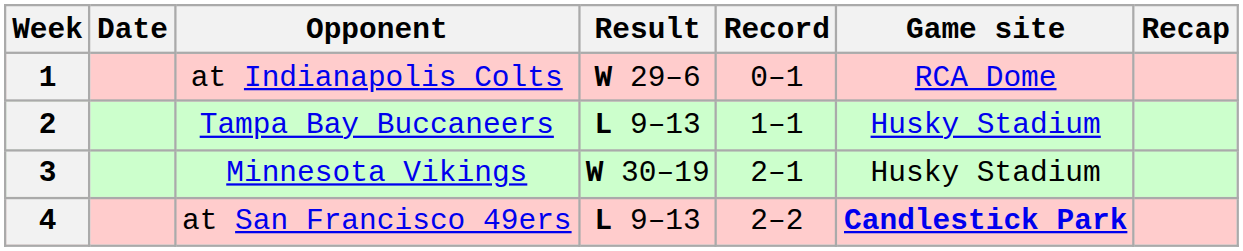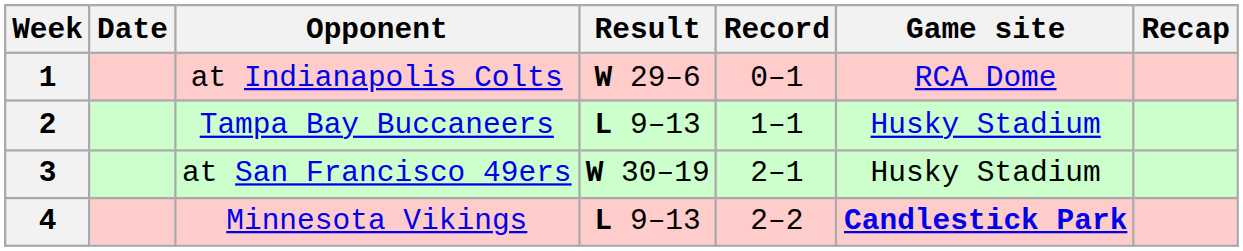 <table class="wikitable" style="text-align:center">
 <tr>
 <th>Week</th>
 <th>Date</th>
 <th>Opponent</th>
 <th>Result</th>
 <th>Record</th>
 <th>Game site</th>
 <th>Recap</th>
 </tr>
 <tr style="background:#fcc">
 <th>1</th>
 <td></td>
 <td>at <a href='#'>Indianapolis Colts</a></td>
 <td><strong>W</strong> 29–6</td>
 <td>0–1</td>
 <td><a href='#'>RCA Dome</a></td>
 <td></td>
 </tr>
 <tr style="background:#cfc">
 <th>2</th>
 <td></td>
 <td><a href='#'>Tampa Bay Buccaneers</a></td>
 <td><strong>L</strong> 9–13</td>
 <td>1–1</td>
 <td><a href='#'>Husky Stadium</a></td>
 <td></td>
 </tr>
 <tr style="background:#cfc">
 <th>3</th>
 <td></td>
-<td><a href='#'>Minnesota Vikings</a></td>
+<td>at <a href='#'>San Francisco 49ers</a></td>
 <td><strong>W</strong> 30–19</td>
 <td>2–1</td>
 <td>Husky Stadium</td>
 <td></td>
 </tr>
 <tr style="background:#fcc">
 <th>4</th>
 <td></td>
-<td>at <a href='#'>San Francisco 49ers</a></td>
+<td><a href='#'>Minnesota Vikings</a></td>
 <td><strong>L</strong> 9–13</td>
 <td>2–2</td>
 <td><strong><a href='#'>Candlestick Park</a></strong></td>
 <td></td>
 </tr>
 </table>
